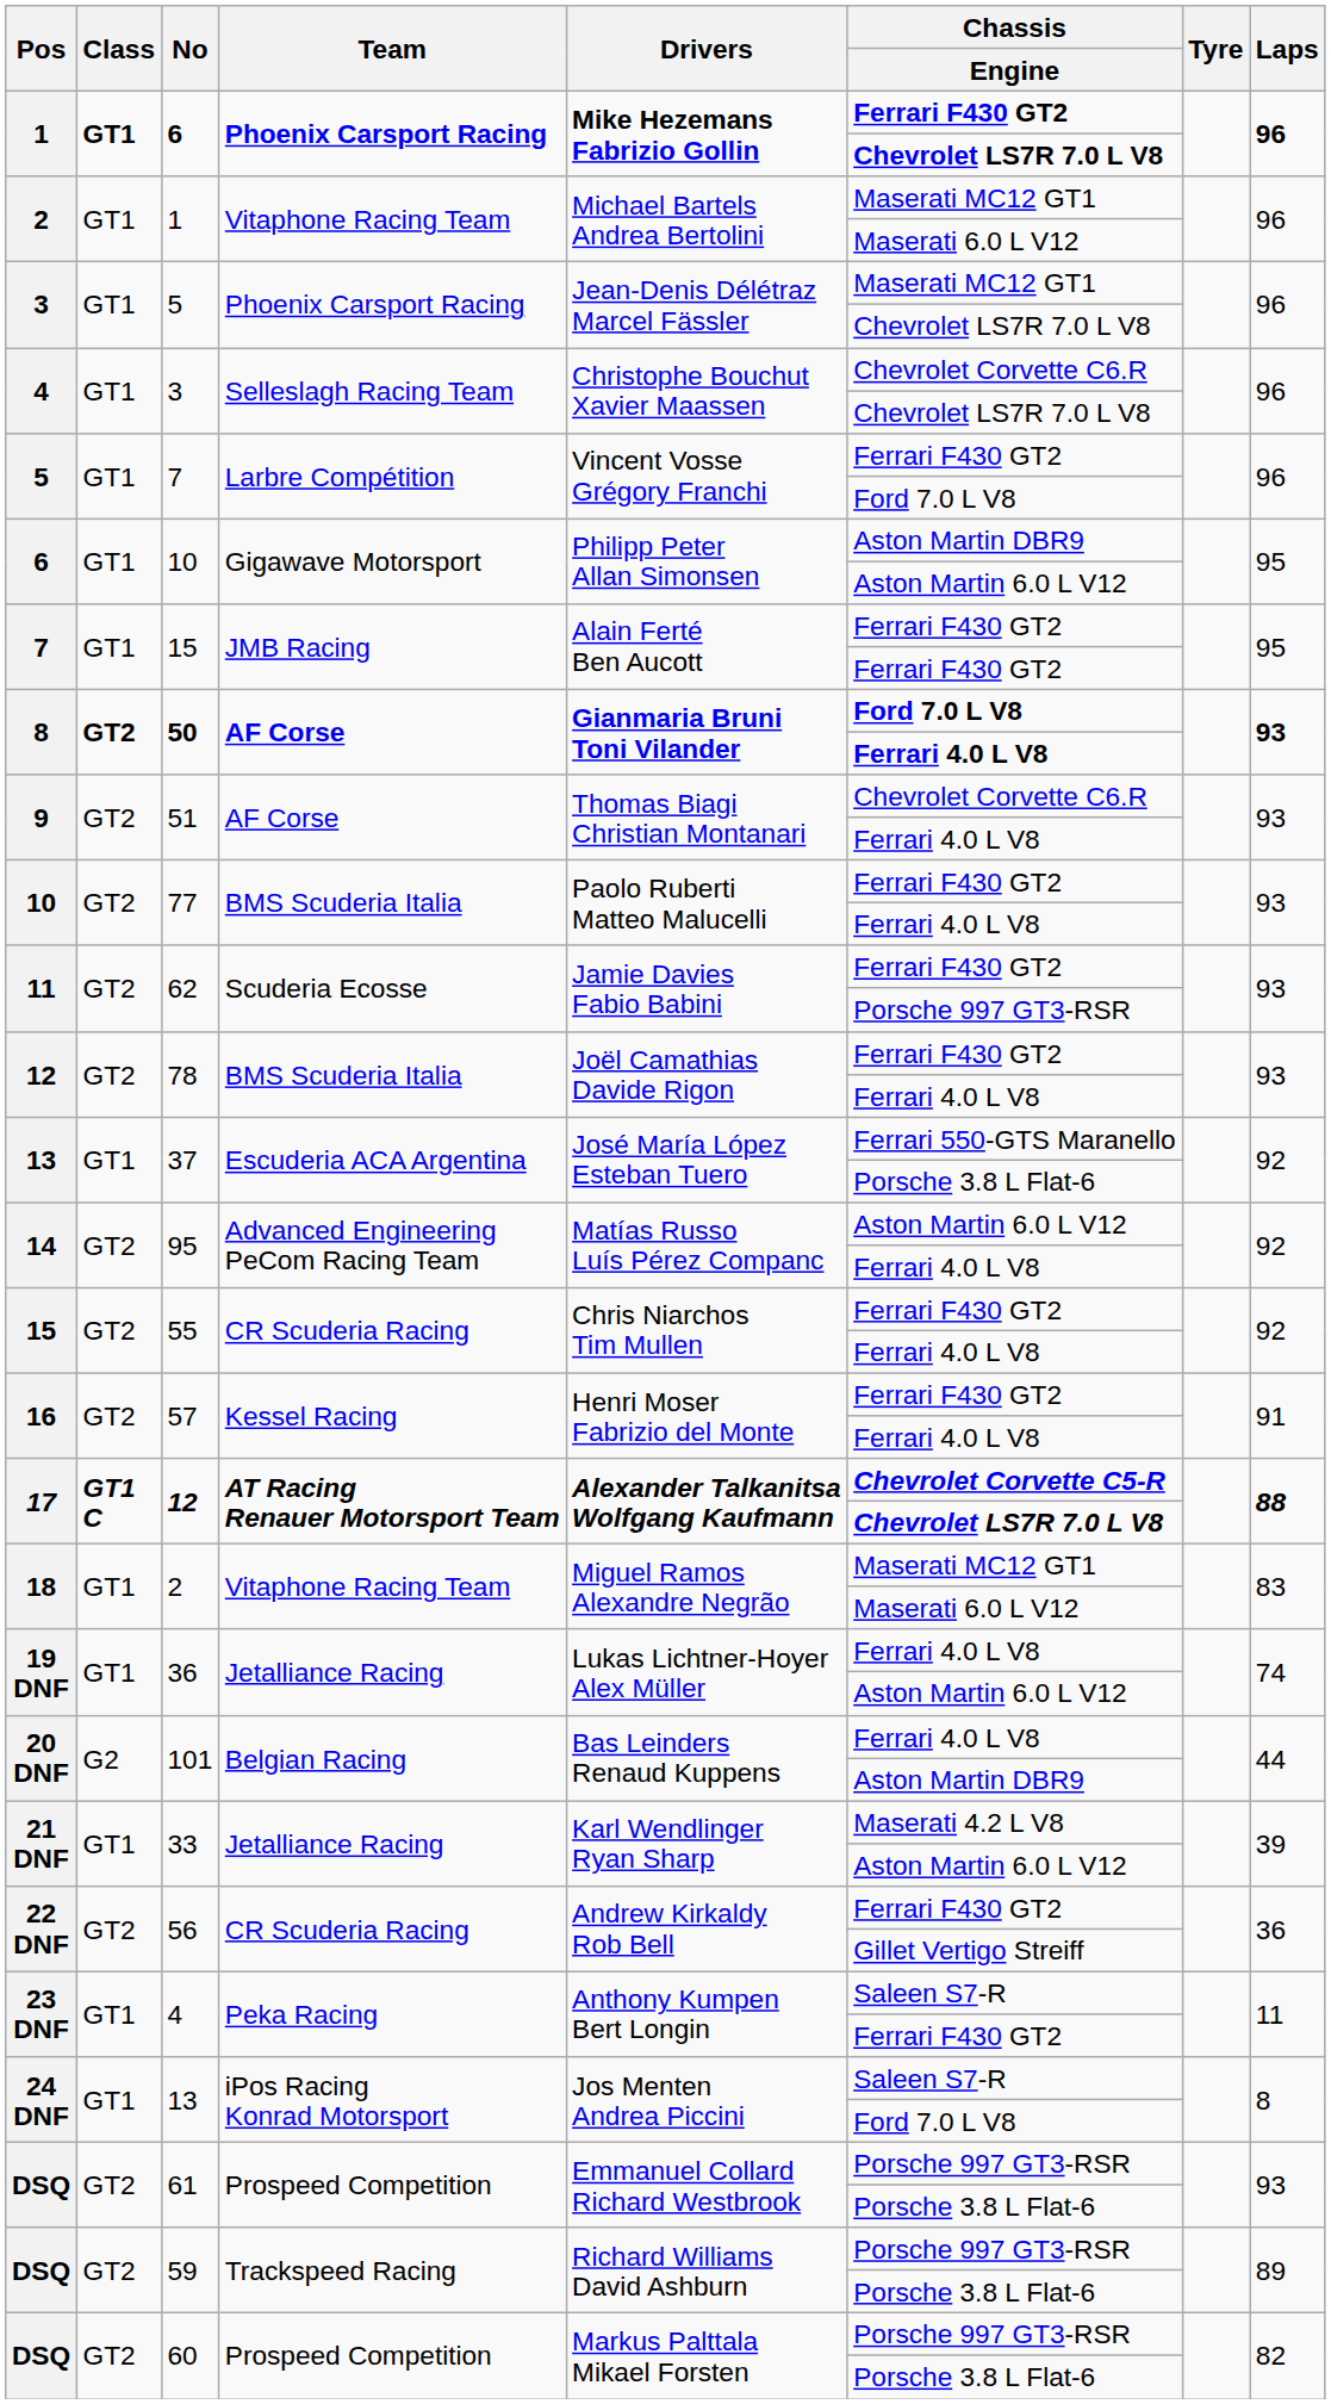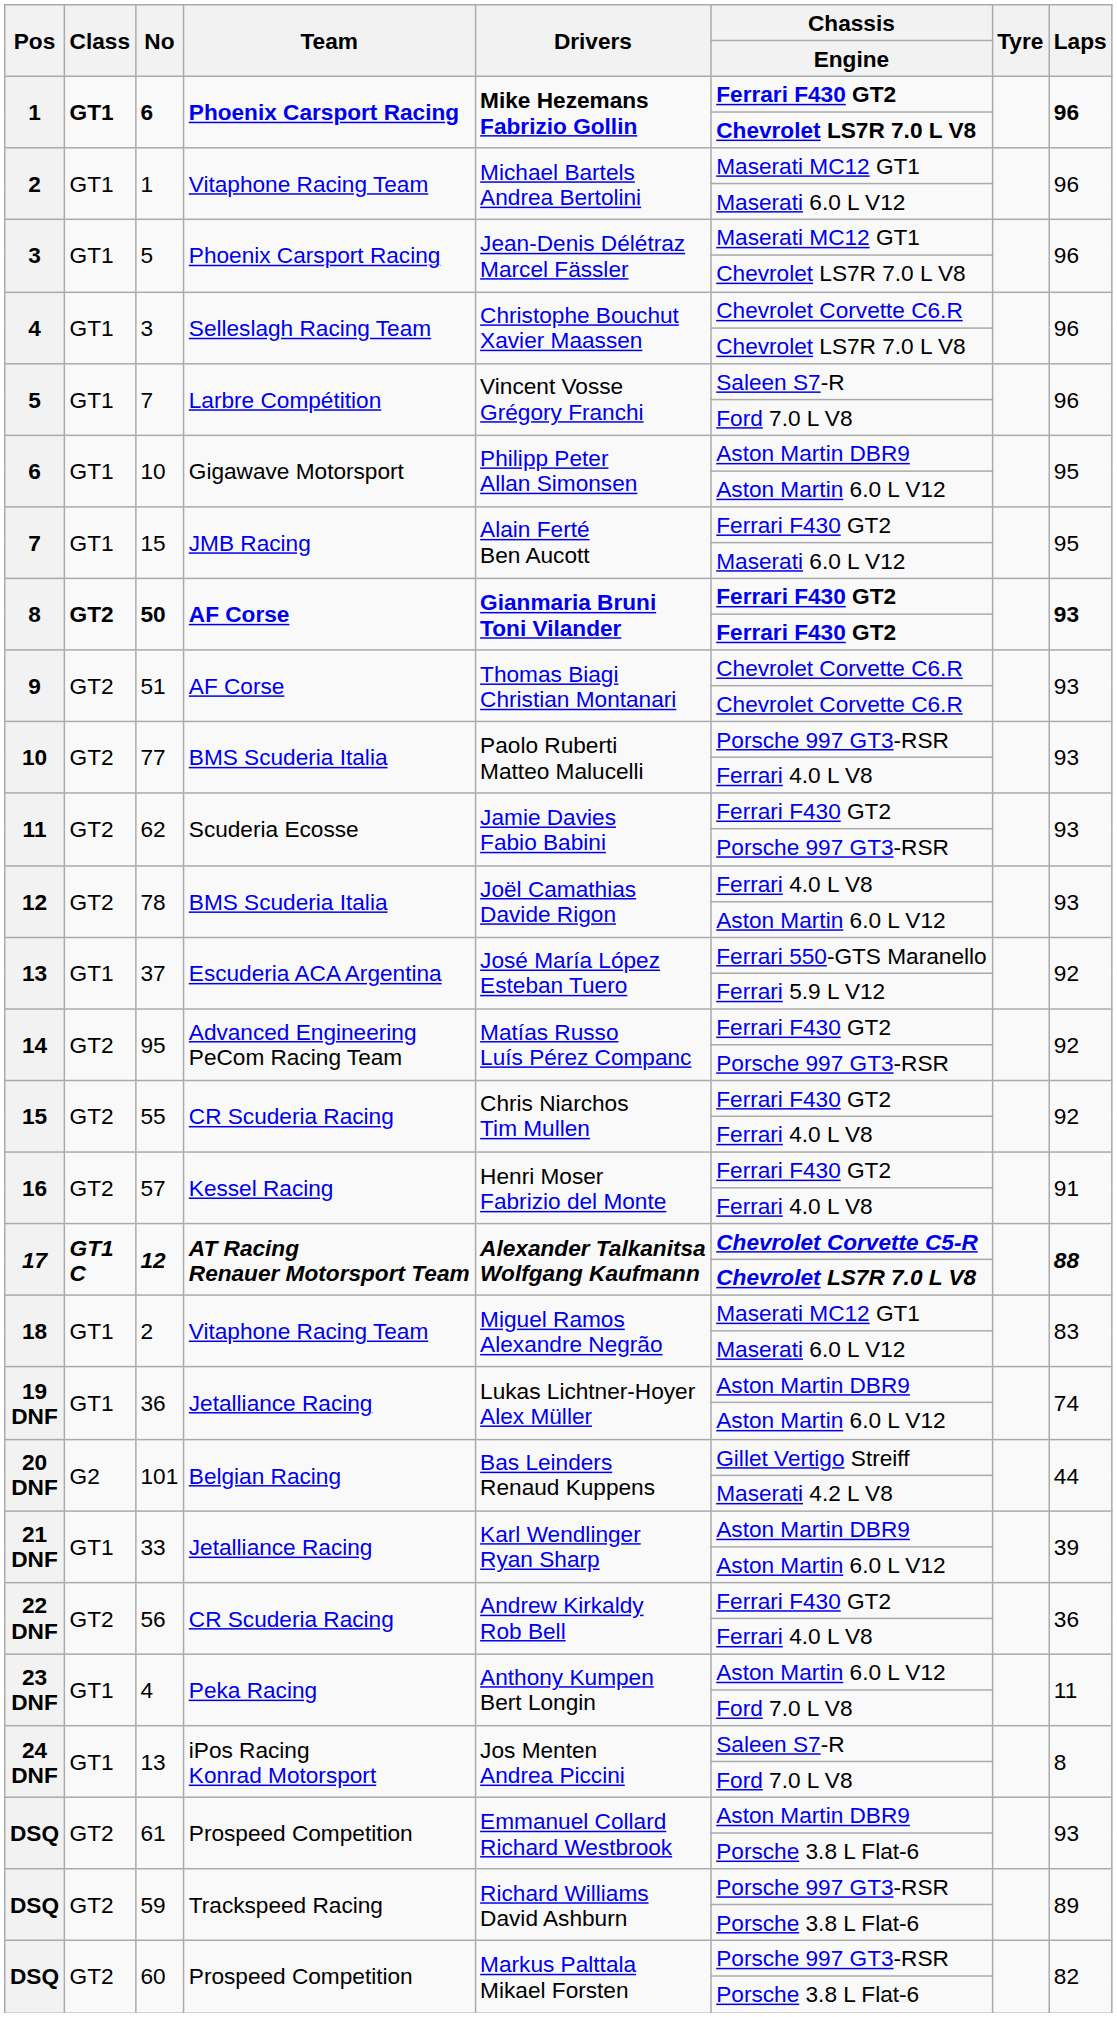 <table class="wikitable" style="font-size: 95%;">
 <tr>
 <th rowspan=2>Pos</th>
 <th rowspan=2>Class</th>
 <th rowspan=2>No</th>
 <th rowspan=2>Team</th>
 <th rowspan=2>Drivers</th>
 <th>Chassis</th>
 <th rowspan=2>Tyre</th>
 <th rowspan=2>Laps</th>
 </tr>
 <tr>
 <th>Engine</th>
 </tr>
 <tr style="font-weight:bold">
 <th rowspan=2>1</th>
 <td rowspan=2>GT1</td>
 <td rowspan=2>6</td>
 <td rowspan=2> <a href='#'>Phoenix Carsport Racing</a></td>
 <td rowspan=2> Mike Hezemans<br> <a href='#'>Fabrizio Gollin</a></td>
 <td><a href='#'>Ferrari F430</a> GT2</td>
 <td rowspan=2></td>
 <td rowspan=2>96</td>
 </tr>
 <tr style="font-weight:bold">
 <td><a href='#'>Chevrolet</a> LS7R 7.0 L V8</td>
 </tr>
 <tr>
 <th rowspan=2>2</th>
 <td rowspan=2>GT1</td>
 <td rowspan=2>1</td>
 <td rowspan=2> <a href='#'>Vitaphone Racing Team</a></td>
 <td rowspan=2> <a href='#'>Michael Bartels</a><br> <a href='#'>Andrea Bertolini</a></td>
 <td><a href='#'>Maserati MC12</a> GT1</td>
 <td rowspan=2></td>
 <td rowspan=2>96</td>
 </tr>
 <tr>
 <td><a href='#'>Maserati</a> 6.0 L V12</td>
 </tr>
 <tr>
 <th rowspan=2>3</th>
 <td rowspan=2>GT1</td>
 <td rowspan=2>5</td>
 <td rowspan=2> <a href='#'>Phoenix Carsport Racing</a></td>
 <td rowspan=2> <a href='#'>Jean-Denis Délétraz</a><br> <a href='#'>Marcel Fässler</a></td>
 <td><a href='#'>Maserati MC12</a> GT1</td>
 <td rowspan=2></td>
 <td rowspan=2>96</td>
 </tr>
 <tr>
 <td><a href='#'>Chevrolet</a> LS7R 7.0 L V8</td>
 </tr>
 <tr>
 <th rowspan=2>4</th>
 <td rowspan=2>GT1</td>
 <td rowspan=2>3</td>
 <td rowspan=2> <a href='#'>Selleslagh Racing Team</a></td>
 <td rowspan=2> <a href='#'>Christophe Bouchut</a><br> <a href='#'>Xavier Maassen</a></td>
 <td><a href='#'>Chevrolet Corvette C6.R</a></td>
 <td rowspan=2></td>
 <td rowspan=2>96</td>
 </tr>
 <tr>
 <td><a href='#'>Chevrolet</a> LS7R 7.0 L V8</td>
 </tr>
 <tr>
 <th rowspan=2>5</th>
 <td rowspan=2>GT1</td>
 <td rowspan=2>7</td>
 <td rowspan=2> <a href='#'>Larbre Compétition</a></td>
 <td rowspan=2> Vincent Vosse<br> <a href='#'>Grégory Franchi</a></td>
-<td><a href='#'>Ferrari F430</a> GT2</td>
+<td><a href='#'>Saleen S7</a>-R</td>
 <td rowspan=2></td>
 <td rowspan=2>96</td>
 </tr>
 <tr>
 <td><a href='#'>Ford</a> 7.0 L V8</td>
 </tr>
 <tr>
 <th rowspan=2>6</th>
 <td rowspan=2>GT1</td>
 <td rowspan=2>10</td>
 <td rowspan=2> Gigawave Motorsport</td>
 <td rowspan=2> <a href='#'>Philipp Peter</a><br> <a href='#'>Allan Simonsen</a></td>
 <td><a href='#'>Aston Martin DBR9</a></td>
 <td rowspan=2></td>
 <td rowspan=2>95</td>
 </tr>
 <tr>
 <td><a href='#'>Aston Martin</a> 6.0 L V12</td>
 </tr>
 <tr>
 <th rowspan=2>7</th>
 <td rowspan=2>GT1</td>
 <td rowspan=2>15</td>
 <td rowspan=2> <a href='#'>JMB Racing</a></td>
 <td rowspan=2> <a href='#'>Alain Ferté</a><br> Ben Aucott</td>
 <td><a href='#'>Ferrari F430</a> GT2</td>
 <td rowspan=2></td>
 <td rowspan=2>95</td>
 </tr>
 <tr>
-<td><a href='#'>Ferrari F430</a> GT2</td>
+<td><a href='#'>Maserati</a> 6.0 L V12</td>
 </tr>
 <tr style="font-weight:bold">
 <th rowspan=2>8</th>
 <td rowspan=2>GT2</td>
 <td rowspan=2>50</td>
 <td rowspan=2> <a href='#'>AF Corse</a></td>
 <td rowspan=2> <a href='#'>Gianmaria Bruni</a><br> <a href='#'>Toni Vilander</a></td>
-<td><a href='#'>Ford</a> 7.0 L V8</td>
+<td><a href='#'>Ferrari F430</a> GT2</td>
 <td rowspan=2></td>
 <td rowspan=2>93</td>
 </tr>
 <tr style="font-weight:bold">
-<td><a href='#'>Ferrari</a> 4.0 L V8</td>
+<td><a href='#'>Ferrari F430</a> GT2</td>
 </tr>
 <tr>
 <th rowspan=2>9</th>
 <td rowspan=2>GT2</td>
 <td rowspan=2>51</td>
 <td rowspan=2> <a href='#'>AF Corse</a></td>
 <td rowspan=2> <a href='#'>Thomas Biagi</a><br> <a href='#'>Christian Montanari</a></td>
 <td><a href='#'>Chevrolet Corvette C6.R</a></td>
 <td rowspan=2></td>
 <td rowspan=2>93</td>
 </tr>
 <tr>
-<td><a href='#'>Ferrari</a> 4.0 L V8</td>
+<td><a href='#'>Chevrolet Corvette C6.R</a></td>
 </tr>
 <tr>
 <th rowspan=2>10</th>
 <td rowspan=2>GT2</td>
 <td rowspan=2>77</td>
 <td rowspan=2> <a href='#'>BMS Scuderia Italia</a></td>
 <td rowspan=2> Paolo Ruberti<br> Matteo Malucelli</td>
-<td><a href='#'>Ferrari F430</a> GT2</td>
+<td><a href='#'>Porsche 997 GT3</a>-RSR</td>
 <td rowspan=2></td>
 <td rowspan=2>93</td>
 </tr>
 <tr>
 <td><a href='#'>Ferrari</a> 4.0 L V8</td>
 </tr>
 <tr>
 <th rowspan=2>11</th>
 <td rowspan=2>GT2</td>
 <td rowspan=2>62</td>
 <td rowspan=2> Scuderia Ecosse</td>
 <td rowspan=2> <a href='#'>Jamie Davies</a><br> <a href='#'>Fabio Babini</a></td>
 <td><a href='#'>Ferrari F430</a> GT2</td>
 <td rowspan=2></td>
 <td rowspan=2>93</td>
 </tr>
 <tr>
 <td><a href='#'>Porsche 997 GT3</a>-RSR</td>
 </tr>
 <tr>
 <th rowspan=2>12</th>
 <td rowspan=2>GT2</td>
 <td rowspan=2>78</td>
 <td rowspan=2> <a href='#'>BMS Scuderia Italia</a></td>
 <td rowspan=2> <a href='#'>Joël Camathias</a><br> <a href='#'>Davide Rigon</a></td>
-<td><a href='#'>Ferrari F430</a> GT2</td>
+<td><a href='#'>Ferrari</a> 4.0 L V8</td>
 <td rowspan=2></td>
 <td rowspan=2>93</td>
 </tr>
 <tr>
-<td><a href='#'>Ferrari</a> 4.0 L V8</td>
+<td><a href='#'>Aston Martin</a> 6.0 L V12</td>
 </tr>
 <tr>
 <th rowspan=2>13</th>
 <td rowspan=2>GT1</td>
 <td rowspan=2>37</td>
 <td rowspan=2> <a href='#'>Escuderia ACA Argentina</a></td>
 <td rowspan=2> <a href='#'>José María López</a><br> <a href='#'>Esteban Tuero</a></td>
 <td><a href='#'>Ferrari 550</a>-GTS Maranello</td>
 <td rowspan=2></td>
 <td rowspan=2>92</td>
 </tr>
 <tr>
-<td><a href='#'>Porsche</a> 3.8 L Flat-6</td>
+<td><a href='#'>Ferrari</a> 5.9 L V12</td>
 </tr>
 <tr>
 <th rowspan=2>14</th>
 <td rowspan=2>GT2</td>
 <td rowspan=2>95</td>
 <td rowspan=2> <a href='#'>Advanced Engineering</a><br> PeCom Racing Team</td>
 <td rowspan=2> <a href='#'>Matías Russo</a><br> <a href='#'>Luís Pérez Companc</a></td>
-<td><a href='#'>Aston Martin</a> 6.0 L V12</td>
+<td><a href='#'>Ferrari F430</a> GT2</td>
 <td rowspan=2></td>
 <td rowspan=2>92</td>
 </tr>
 <tr>
-<td><a href='#'>Ferrari</a> 4.0 L V8</td>
+<td><a href='#'>Porsche 997 GT3</a>-RSR</td>
 </tr>
 <tr>
 <th rowspan=2>15</th>
 <td rowspan=2>GT2</td>
 <td rowspan=2>55</td>
 <td rowspan=2> <a href='#'>CR Scuderia Racing</a></td>
 <td rowspan=2> Chris Niarchos<br> <a href='#'>Tim Mullen</a></td>
 <td><a href='#'>Ferrari F430</a> GT2</td>
 <td rowspan=2></td>
 <td rowspan=2>92</td>
 </tr>
 <tr>
 <td><a href='#'>Ferrari</a> 4.0 L V8</td>
 </tr>
 <tr>
 <th rowspan=2>16</th>
 <td rowspan=2>GT2</td>
 <td rowspan=2>57</td>
 <td rowspan=2> <a href='#'>Kessel Racing</a></td>
 <td rowspan=2> Henri Moser<br> <a href='#'>Fabrizio del Monte</a></td>
 <td><a href='#'>Ferrari F430</a> GT2</td>
 <td rowspan=2></td>
 <td rowspan=2>91</td>
 </tr>
 <tr>
 <td><a href='#'>Ferrari</a> 4.0 L V8</td>
 </tr>
 <tr style="font-weight:bold">
 <th rowspan=2><em>17</em></th>
 <td rowspan=2><em>GT1<br>C</em></td>
 <td rowspan=2><em>12</em></td>
 <td rowspan=2><em> AT Racing<br> Renauer Motorsport Team</em></td>
 <td rowspan=2><em> Alexander Talkanitsa<br> Wolfgang Kaufmann</em></td>
 <td><em><a href='#'>Chevrolet Corvette C5-R</a></em></td>
 <td rowspan=2></td>
 <td rowspan=2><em>88</em></td>
 </tr>
 <tr style="font-weight:bold">
 <td><em><a href='#'>Chevrolet</a> LS7R 7.0 L V8</em></td>
 </tr>
 <tr>
 <th rowspan=2>18</th>
 <td rowspan=2>GT1</td>
 <td rowspan=2>2</td>
 <td rowspan=2> <a href='#'>Vitaphone Racing Team</a></td>
 <td rowspan=2> <a href='#'>Miguel Ramos</a><br> <a href='#'>Alexandre Negrão</a></td>
 <td><a href='#'>Maserati MC12</a> GT1</td>
 <td rowspan=2></td>
 <td rowspan=2>83</td>
 </tr>
 <tr>
 <td><a href='#'>Maserati</a> 6.0 L V12</td>
 </tr>
 <tr>
 <th rowspan=2>19<br>DNF</th>
 <td rowspan=2>GT1</td>
 <td rowspan=2>36</td>
 <td rowspan=2> <a href='#'>Jetalliance Racing</a></td>
 <td rowspan=2> Lukas Lichtner-Hoyer<br> <a href='#'>Alex Müller</a></td>
-<td><a href='#'>Ferrari</a> 4.0 L V8</td>
+<td><a href='#'>Aston Martin DBR9</a></td>
 <td rowspan=2></td>
 <td rowspan=2>74</td>
 </tr>
 <tr>
 <td><a href='#'>Aston Martin</a> 6.0 L V12</td>
 </tr>
 <tr>
 <th rowspan=2>20<br>DNF</th>
 <td rowspan=2>G2</td>
 <td rowspan=2>101</td>
 <td rowspan=2> <a href='#'>Belgian Racing</a></td>
 <td rowspan=2> <a href='#'>Bas Leinders</a><br> Renaud Kuppens</td>
-<td><a href='#'>Ferrari</a> 4.0 L V8</td>
+<td><a href='#'>Gillet Vertigo</a> Streiff</td>
 <td rowspan=2></td>
 <td rowspan=2>44</td>
 </tr>
 <tr>
-<td><a href='#'>Aston Martin DBR9</a></td>
+<td><a href='#'>Maserati</a> 4.2 L V8</td>
 </tr>
 <tr>
 <th rowspan=2>21<br>DNF</th>
 <td rowspan=2>GT1</td>
 <td rowspan=2>33</td>
 <td rowspan=2> <a href='#'>Jetalliance Racing</a></td>
 <td rowspan=2> <a href='#'>Karl Wendlinger</a><br> <a href='#'>Ryan Sharp</a></td>
-<td><a href='#'>Maserati</a> 4.2 L V8</td>
+<td><a href='#'>Aston Martin DBR9</a></td>
 <td rowspan=2></td>
 <td rowspan=2>39</td>
 </tr>
 <tr>
 <td><a href='#'>Aston Martin</a> 6.0 L V12</td>
 </tr>
 <tr>
 <th rowspan=2>22<br>DNF</th>
 <td rowspan=2>GT2</td>
 <td rowspan=2>56</td>
 <td rowspan=2> <a href='#'>CR Scuderia Racing</a></td>
 <td rowspan=2> <a href='#'>Andrew Kirkaldy</a><br> <a href='#'>Rob Bell</a></td>
 <td><a href='#'>Ferrari F430</a> GT2</td>
 <td rowspan=2></td>
 <td rowspan=2>36</td>
 </tr>
 <tr>
-<td><a href='#'>Gillet Vertigo</a> Streiff</td>
+<td><a href='#'>Ferrari</a> 4.0 L V8</td>
 </tr>
 <tr>
 <th rowspan=2>23<br>DNF</th>
 <td rowspan=2>GT1</td>
 <td rowspan=2>4</td>
 <td rowspan=2> <a href='#'>Peka Racing</a></td>
 <td rowspan=2> <a href='#'>Anthony Kumpen</a><br> Bert Longin</td>
-<td><a href='#'>Saleen S7</a>-R</td>
+<td><a href='#'>Aston Martin</a> 6.0 L V12</td>
 <td rowspan=2></td>
 <td rowspan=2>11</td>
 </tr>
 <tr>
-<td><a href='#'>Ferrari F430</a> GT2</td>
+<td><a href='#'>Ford</a> 7.0 L V8</td>
 </tr>
 <tr>
 <th rowspan=2>24<br>DNF</th>
 <td rowspan=2>GT1</td>
 <td rowspan=2>13</td>
 <td rowspan=2> iPos Racing<br> <a href='#'>Konrad Motorsport</a></td>
 <td rowspan=2> Jos Menten<br> <a href='#'>Andrea Piccini</a></td>
 <td><a href='#'>Saleen S7</a>-R</td>
 <td rowspan=2></td>
 <td rowspan=2>8</td>
 </tr>
 <tr>
 <td><a href='#'>Ford</a> 7.0 L V8</td>
 </tr>
 <tr>
 <th rowspan=2>DSQ</th>
 <td rowspan=2>GT2</td>
 <td rowspan=2>61</td>
 <td rowspan=2> Prospeed Competition</td>
 <td rowspan=2> <a href='#'>Emmanuel Collard</a><br> <a href='#'>Richard Westbrook</a></td>
-<td><a href='#'>Porsche 997 GT3</a>-RSR</td>
+<td><a href='#'>Aston Martin DBR9</a></td>
 <td rowspan=2></td>
 <td rowspan=2>93</td>
 </tr>
 <tr>
 <td><a href='#'>Porsche</a> 3.8 L Flat-6</td>
 </tr>
 <tr>
 <th rowspan=2>DSQ</th>
 <td rowspan=2>GT2</td>
 <td rowspan=2>59</td>
 <td rowspan=2> Trackspeed Racing</td>
 <td rowspan=2> <a href='#'>Richard Williams</a><br> David Ashburn</td>
 <td><a href='#'>Porsche 997 GT3</a>-RSR</td>
 <td rowspan=2></td>
 <td rowspan=2>89</td>
 </tr>
 <tr>
 <td><a href='#'>Porsche</a> 3.8 L Flat-6</td>
 </tr>
 <tr>
 <th rowspan=2>DSQ</th>
 <td rowspan=2>GT2</td>
 <td rowspan=2>60</td>
 <td rowspan=2> Prospeed Competition</td>
 <td rowspan=2> <a href='#'>Markus Palttala</a><br> Mikael Forsten</td>
 <td><a href='#'>Porsche 997 GT3</a>-RSR</td>
 <td rowspan=2></td>
 <td rowspan=2>82</td>
 </tr>
 <tr>
 <td><a href='#'>Porsche</a> 3.8 L Flat-6</td>
 </tr>
 </table>
